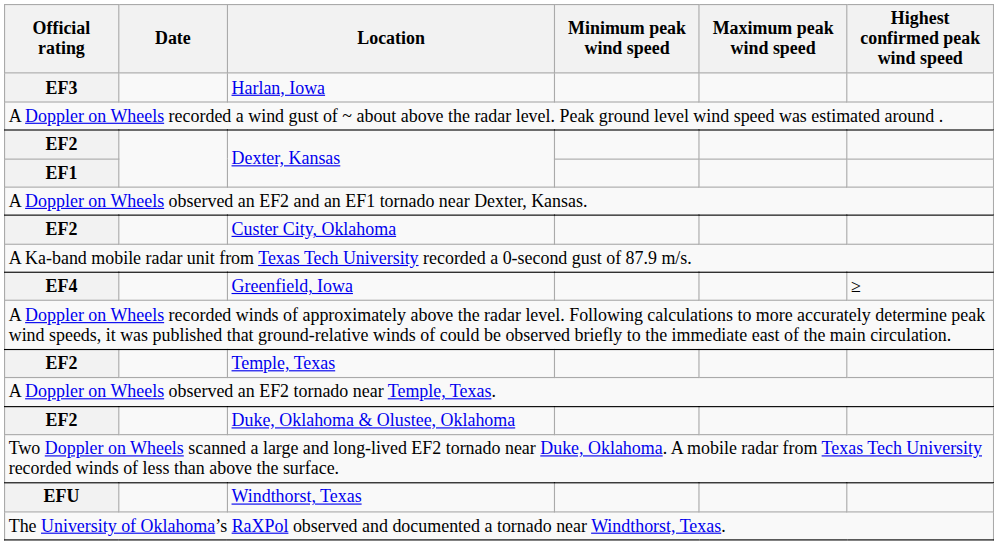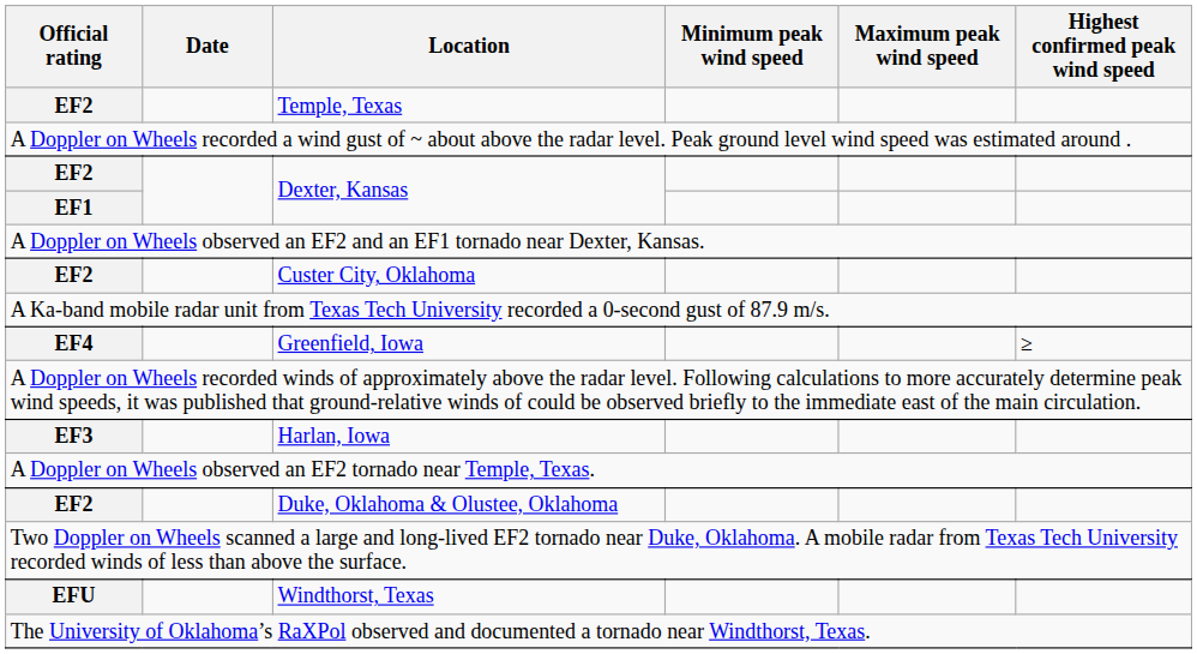 <table class="wikitable sortable" style="width:100%;">
 <tr>
 <th scope="col" style="width:4%;" class="unsortable">Official rating</th>
 <th scope="col" style="width:5%;">Date</th>
 <th scope="col" style="width:15%;" class="unsortable">Location</th>
 <th scope="col" style="width:5%;">Minimum peak wind speed</th>
 <th scope="col" style="width:5%;">Maximum peak wind speed</th>
 <th scope="col" style="width:5%;">Highest confirmed peak wind speed</th>
 </tr>
 <tr>
-<th style="background-color:#">EF3</th>
+<th style="background-color:#">EF2</th>
 <td></td>
-<td><a href='#'>Harlan, Iowa</a></td>
+<td><a href='#'>Temple, Texas</a></td>
 <td></td>
 <td></td>
-<td><strong></strong></td>
+<td></td>
 </tr>
 <tr class="expand-child">
 <td colspan="6" style=" border-bottom: 1px solid black;">A <a href='#'>Doppler on Wheels</a> recorded a wind gust of ~ about  above the radar level. Peak ground level wind speed was estimated around .</td>
 </tr>
 <tr>
 <th style="background-color:#">EF2</th>
 <td rowspan=2></td>
 <td rowspan=2><a href='#'>Dexter, Kansas</a></td>
 <td></td>
 <td></td>
 <td></td>
 </tr>
 <tr>
 <th style="background-color:#">EF1</th>
 <td></td>
 <td></td>
 <td></td>
 </tr>
 <tr class="expand-child">
 <td colspan="6" style=" border-bottom: 1px solid black;">A <a href='#'>Doppler on Wheels</a> observed an EF2 and an EF1 tornado near Dexter, Kansas.</td>
 </tr>
 <tr>
 <th style="background-color:#">EF2</th>
 <td></td>
 <td><a href='#'>Custer City, Oklahoma</a></td>
 <td></td>
 <td></td>
 <td><strong></strong></td>
 </tr>
 <tr class="expand-child">
 <td colspan="6" style=" border-bottom: 1px solid black;">A Ka-band mobile radar unit from <a href='#'>Texas Tech University</a> recorded a 0-second gust of 87.9 m/s.</td>
 </tr>
 <tr>
 <th style="background-color:#">EF4</th>
 <td></td>
 <td><a href='#'>Greenfield,  Iowa</a></td>
 <td></td>
 <td></td>
 <td>≥<strong></strong></td>
 </tr>
 <tr class="expand-child">
 <td colspan="6" style=" border-bottom: 1px solid black;">A <a href='#'>Doppler on Wheels</a> recorded winds of  approximately  above the radar level. Following calculations to more accurately determine peak wind speeds, it was published that ground-relative winds of  could be observed briefly to the immediate east of the main circulation.</td>
 </tr>
 <tr>
-<th style="background-color:#">EF2</th>
+<th style="background-color:#">EF3</th>
 <td></td>
-<td><a href='#'>Temple, Texas</a></td>
+<td><a href='#'>Harlan, Iowa</a></td>
 <td></td>
 <td></td>
-<td></td>
+<td><strong></strong></td>
 </tr>
 <tr class="expand-child">
 <td colspan="6" style=" border-bottom: 1px solid black;">A <a href='#'>Doppler on Wheels</a> observed an EF2 tornado near <a href='#'>Temple, Texas</a>.</td>
 </tr>
 <tr>
 <th style="background-color:#">EF2</th>
 <td></td>
 <td><a href='#'>Duke, Oklahoma & Olustee, Oklahoma</a></td>
 <td></td>
 <td></td>
 <td><strong></strong></td>
 </tr>
 <tr class="expand-child">
 <td colspan="6" style=" border-bottom: 1px solid black;">Two <a href='#'>Doppler on Wheels</a> scanned a large and long-lived EF2 tornado near <a href='#'>Duke, Oklahoma</a>. A mobile radar from <a href='#'>Texas Tech University</a> recorded winds of  less than  above the surface.</td>
 </tr>
 <tr>
 <th style="background-color:#">EFU</th>
 <td></td>
 <td><a href='#'>Windthorst, Texas</a></td>
 <td></td>
 <td></td>
 <td></td>
 </tr>
 <tr class="expand-child">
 <td colspan="6" style=" border-bottom: 1px solid black;">The <a href='#'>University of Oklahoma</a>’s <a href='#'>RaXPol</a> observed and documented a tornado near <a href='#'>Windthorst, Texas</a>.</td>
 </tr>
 </table>
